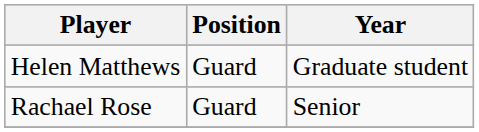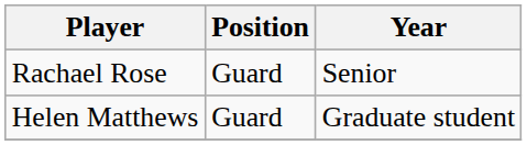 <table class="wikitable" border="1">
 <tr align=center>
 <th>Player</th>
 <th>Position</th>
 <th>Year</th>
 </tr>
 <tr>
+<td>Rachael Rose</td>
+<td>Guard</td>
+<td>Senior</td>
+</tr>
+<tr>
 <td>Helen Matthews</td>
 <td>Guard</td>
 <td>Graduate student</td>
 </tr>
 <tr>
-<td>Rachael Rose</td>
-<td>Guard</td>
-<td>Senior</td>
-</tr>
-<tr>
 </tr>
 </table>
